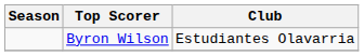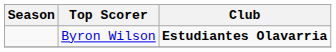 <table class="wikitable sortable">
 <tr>
 <th>Season</th>
 <th>Top Scorer</th>
 <th>Club</th>
 </tr>
 <tr>
 <td></td>
 <td> <a href='#'>Byron Wilson</a></td>
-<td> Estudiantes Olavarria</td>
+<td><strong> Estudiantes Olavarria</strong></td>
 </tr>
 <tr>
 </tr>
 </table>
